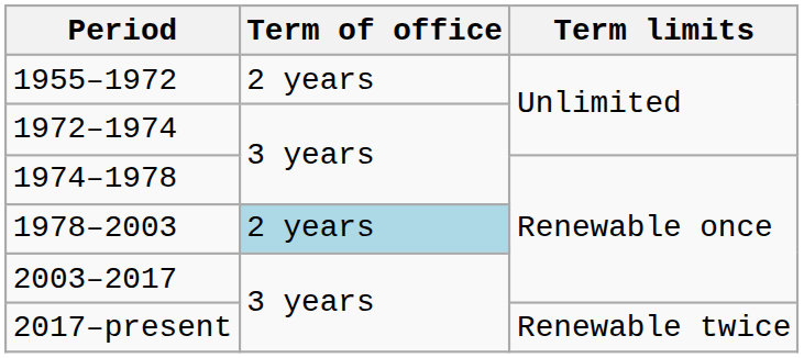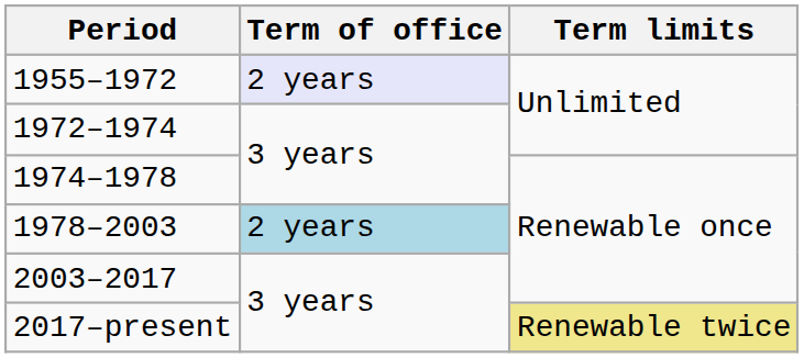 <table class="wikitable">
 <tr>
 <th>Period</th>
 <th>Term of office</th>
 <th>Term limits</th>
 </tr>
 <tr>
 <td>1955–1972</td>
-<td>2 years</td>
+<td style="background: lavender;">2 years</td>
 <td rowspan="2">Unlimited</td>
 </tr>
 <tr>
 <td>1972–1974</td>
 <td rowspan="2">3 years</td>
 </tr>
 <tr>
 <td>1974–1978</td>
 <td rowspan="3">Renewable once</td>
 </tr>
 <tr>
 <td>1978–2003</td>
 <td style="background: lightblue;">2 years</td>
 </tr>
 <tr>
 <td>2003–2017</td>
 <td rowspan="2">3 years</td>
 </tr>
 <tr>
 <td>2017–present</td>
-<td>Renewable twice</td>
+<td style="background: khaki;">Renewable twice</td>
 </tr>
 </table>
